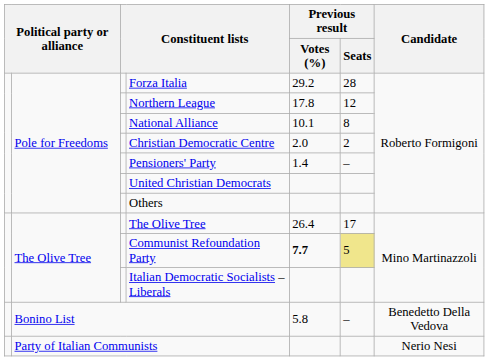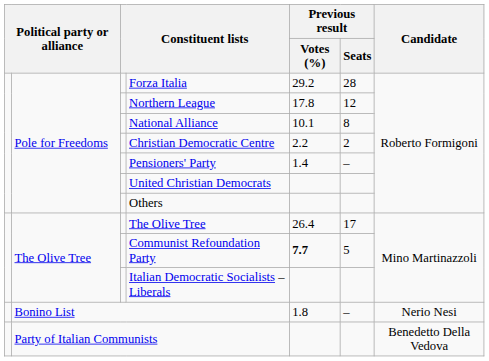 <table class="wikitable" style="text-align:left">
 <tr>
 <th colspan=2 rowspan="2">Political party or alliance</th>
 <th colspan=2 rowspan="2">Constituent lists</th>
 <th colspan="2">Previous result</th>
 <th rowspan="2">Candidate</th>
 </tr>
 <tr>
 <th>Votes (%)</th>
 <th>Seats</th>
 </tr>
 <tr>
 <td rowspan="7" style="background:"></td>
 <td rowspan=7><a href='#'>Pole for Freedoms</a></td>
 <td></td>
 <td style="text-align:left;"><a href='#'>Forza Italia</a></td>
 <td>29.2</td>
 <td>28</td>
 <td rowspan="7" style="text-align: center;">Roberto Formigoni</td>
 </tr>
 <tr>
 <td></td>
 <td style="text-align:left;"><a href='#'>Northern League</a></td>
 <td>17.8</td>
 <td>12</td>
 </tr>
 <tr>
 <td></td>
 <td style="text-align:left;"><a href='#'>National Alliance</a></td>
 <td>10.1</td>
 <td>8</td>
 </tr>
 <tr>
 <td></td>
 <td style="text-align:left;"><a href='#'>Christian Democratic Centre</a></td>
-<td>2.0</td>
+<td>2.2</td>
 <td>2</td>
 </tr>
 <tr>
 <td></td>
 <td style="text-align:left;"><a href='#'>Pensioners' Party</a></td>
 <td>1.4</td>
 <td>–</td>
 </tr>
 <tr>
 <td></td>
 <td style="text-align:left;"><a href='#'>United Christian Democrats</a></td>
 <td></td>
 <td></td>
 </tr>
 <tr>
 <td></td>
 <td style="text-align:left;">Others</td>
 <td></td>
 <td></td>
 </tr>
 <tr>
 <td rowspan="3"></td>
 <td rowspan="3"><a href='#'>The Olive Tree</a></td>
 <td></td>
 <td style="text-align:left;"><a href='#'>The Olive Tree</a></td>
 <td>26.4</td>
 <td>17</td>
 <td rowspan="3" style="text-align: center;">Mino Martinazzoli</td>
 </tr>
 <tr>
 <td></td>
 <td><a href='#'>Communist Refoundation Party</a></td>
 <td><strong>7.7</strong></td>
-<td style="background: khaki;">5</td>
+<td>5</td>
 </tr>
 <tr>
 <td></td>
 <td><a href='#'>Italian Democratic Socialists</a> – <a href='#'>Liberals</a></td>
 <td></td>
 <td></td>
 </tr>
 <tr>
 <td></td>
 <td colspan="3"><a href='#'>Bonino List</a></td>
-<td>5.8</td>
+<td>1.8</td>
 <td>–</td>
-<td style="text-align: center;">Benedetto Della Vedova</td>
+<td style="text-align: center;">Nerio Nesi</td>
 </tr>
 <tr>
 <td></td>
 <td colspan="3"><a href='#'>Party of Italian Communists</a></td>
 <td></td>
 <td></td>
-<td style="text-align: center;">Nerio Nesi</td>
+<td style="text-align: center;">Benedetto Della Vedova</td>
 </tr>
 </table>
